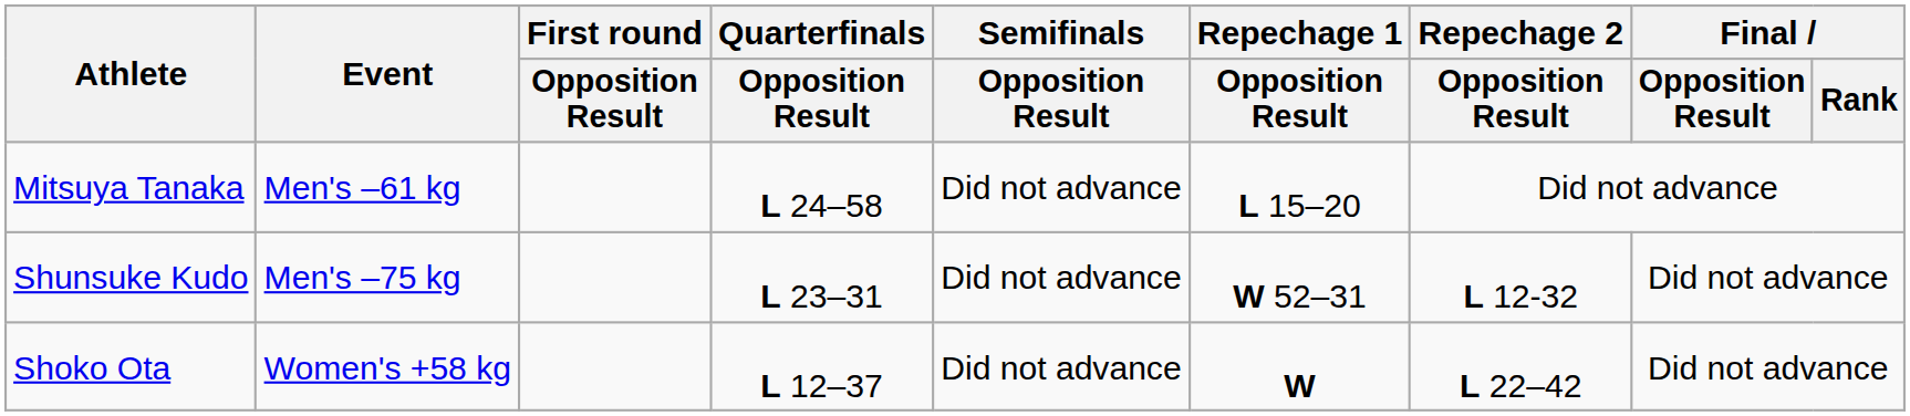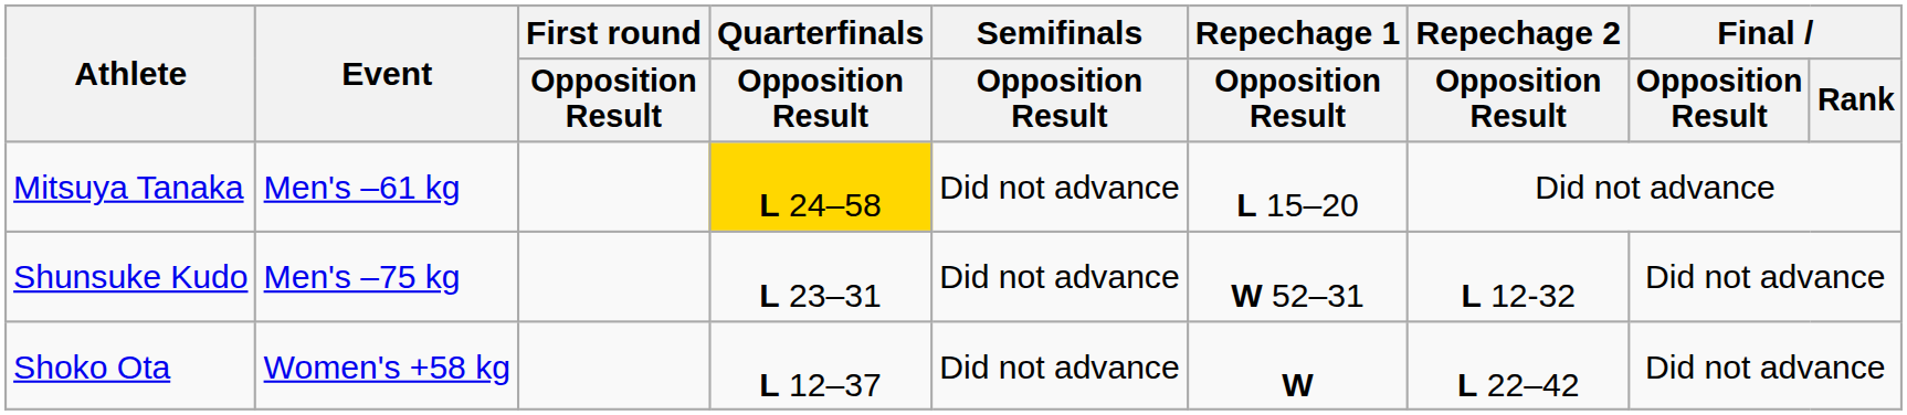 <table class="wikitable" style="font-size:90%;">
 <tr>
 <th rowspan=2>Athlete</th>
 <th rowspan=2>Event</th>
 <th>First round</th>
 <th>Quarterfinals</th>
 <th>Semifinals</th>
 <th>Repechage 1</th>
 <th>Repechage 2</th>
 <th colspan=2>Final / </th>
 </tr>
 <tr style="font-size:95%">
 <th>Opposition<br>Result</th>
 <th>Opposition<br>Result</th>
 <th>Opposition<br>Result</th>
 <th>Opposition<br>Result</th>
 <th>Opposition<br>Result</th>
 <th>Opposition<br>Result</th>
 <th>Rank</th>
 </tr>
 <tr align=center>
 <td align=left><a href='#'>Mitsuya Tanaka</a></td>
 <td align=left><a href='#'>Men's –61 kg</a></td>
 <td></td>
-<td><br> <strong>L</strong> 24–58</td>
+<td style="background: gold;"><br> <strong>L</strong> 24–58</td>
 <td>Did not advance</td>
 <td><br> <strong>L</strong> 15–20</td>
 <td colspan=3>Did not advance</td>
 </tr>
 <tr align=center>
 <td align=left><a href='#'>Shunsuke Kudo</a></td>
 <td align=left><a href='#'>Men's –75 kg</a></td>
 <td></td>
 <td><br> <strong>L</strong> 23–31</td>
 <td>Did not advance</td>
 <td><br> <strong>W</strong> 52–31</td>
 <td><br> <strong>L</strong> 12-32</td>
 <td colspan=2>Did not advance</td>
 </tr>
 <tr align=center>
 <td align=left><a href='#'>Shoko Ota</a></td>
 <td align=left><a href='#'>Women's +58 kg</a></td>
 <td></td>
 <td><br> <strong>L</strong> 12–37</td>
 <td>Did not advance</td>
 <td><br> <strong>W</strong> </td>
 <td><br> <strong>L</strong> 22–42</td>
 <td colspan=2>Did not advance</td>
 </tr>
 </table>
